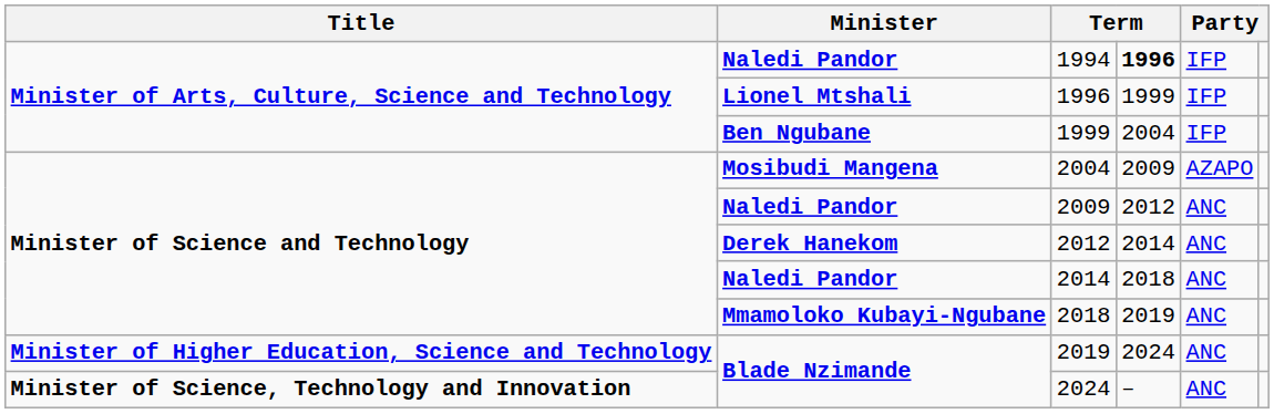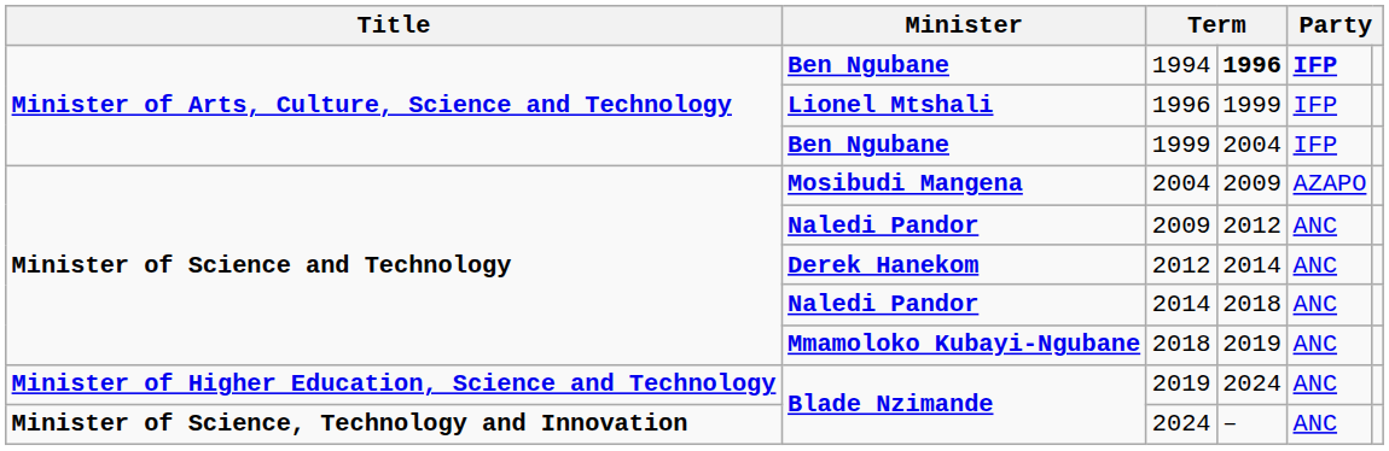 <table class="wikitable">
 <tr>
 <th>Title</th>
 <th>Minister</th>
 <th colspan="2">Term</th>
 <th colspan="2">Party</th>
 </tr>
 <tr>
 <td rowspan="3"><strong><a href='#'>Minister of Arts, Culture, Science and Technology</a></strong></td>
-<td><strong><a href='#'>Naledi Pandor</a></strong></td>
+<td><strong><a href='#'>Ben Ngubane</a></strong></td>
 <td>1994</td>
 <td><strong>1996</strong></td>
-<td><a href='#'>IFP</a></td>
+<td><strong><a href='#'>IFP</a></strong></td>
 <td style="background-color: "></td>
 </tr>
 <tr>
 <td><strong><a href='#'>Lionel Mtshali</a></strong></td>
 <td>1996</td>
 <td>1999</td>
 <td><a href='#'>IFP</a></td>
 <td style="background-color: "></td>
 </tr>
 <tr>
 <td><strong><a href='#'>Ben Ngubane</a></strong></td>
 <td>1999</td>
 <td>2004</td>
 <td><a href='#'>IFP</a></td>
 <td style="background-color: "></td>
 </tr>
 <tr>
 <td rowspan="5"><strong>Minister of Science and Technology</strong></td>
 <td><strong><a href='#'>Mosibudi Mangena</a></strong></td>
 <td>2004</td>
 <td>2009</td>
 <td><a href='#'>AZAPO</a></td>
 <td style="background-color: "></td>
 </tr>
 <tr>
 <td><strong><a href='#'>Naledi Pandor</a></strong></td>
 <td>2009</td>
 <td>2012</td>
 <td><a href='#'>ANC</a></td>
 <td style="background-color: "></td>
 </tr>
 <tr>
 <td><strong><a href='#'>Derek Hanekom</a></strong></td>
 <td>2012</td>
 <td>2014</td>
 <td><a href='#'>ANC</a></td>
 <td style="background-color: "></td>
 </tr>
 <tr>
 <td><strong><a href='#'>Naledi Pandor</a></strong></td>
 <td>2014</td>
 <td>2018</td>
 <td><a href='#'>ANC</a></td>
 <td style="background-color: "></td>
 </tr>
 <tr>
 <td><strong><a href='#'>Mmamoloko Kubayi-Ngubane</a></strong></td>
 <td>2018</td>
 <td>2019</td>
 <td><a href='#'>ANC</a></td>
 <td style="background-color: "></td>
 </tr>
 <tr>
 <td><strong><a href='#'>Minister of Higher Education, Science and Technology</a></strong></td>
 <td rowspan="2"><strong><a href='#'>Blade Nzimande</a></strong></td>
 <td>2019</td>
 <td>2024</td>
 <td><a href='#'>ANC</a></td>
 <td style="background-color: "></td>
 </tr>
 <tr>
 <td><strong>Minister of Science, Technology and Innovation</strong></td>
 <td>2024</td>
 <td>–</td>
 <td><a href='#'>ANC</a></td>
 <td style="background-color: "></td>
 </tr>
 </table>
